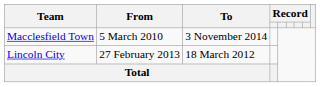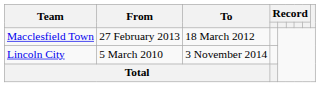 <table class="wikitable" style="text-align: center">
 <tr>
 <th rowspan="2">Team</th>
 <th rowspan="2">From</th>
 <th rowspan="2">To</th>
 <th colspan="5">Record</th>
 <th rowspan="2"></th>
 </tr>
 <tr>
 <th></th>
 <th></th>
 <th></th>
 <th></th>
 <th></th>
 </tr>
 <tr>
 <td align=left><a href='#'>Macclesfield Town</a></td>
-<td align=left>5 March 2010</td>
-<td align=left>3 November 2014<br></td>
+<td align=left>27 February 2013</td>
+<td align=left>18 March 2012<br></td>
 <td></td>
 </tr>
 <tr>
 <td align=left><a href='#'>Lincoln City</a></td>
-<td align=left>27 February 2013</td>
-<td align=left>18 March 2012<br></td>
+<td align=left>5 March 2010</td>
+<td align=left>3 November 2014<br></td>
 <td></td>
 </tr>
 <tr>
 <th colspan="3">Total<br></th>
 <th></th>
 </tr>
 </table>
